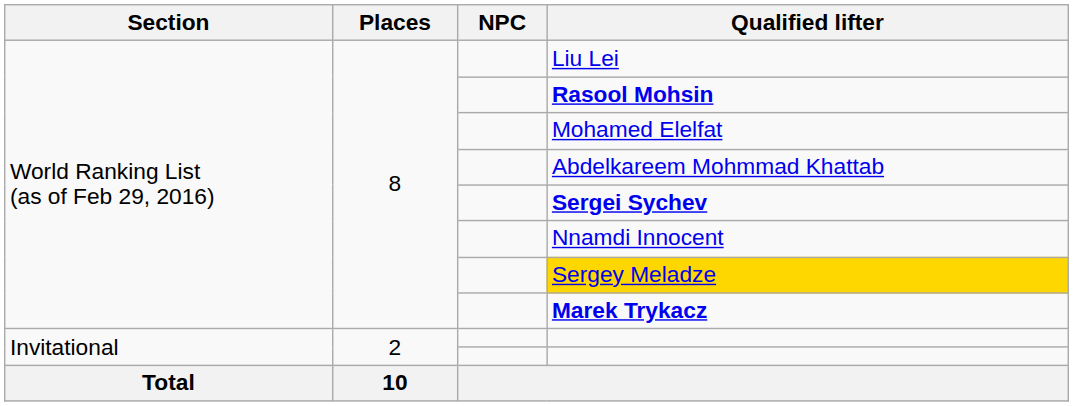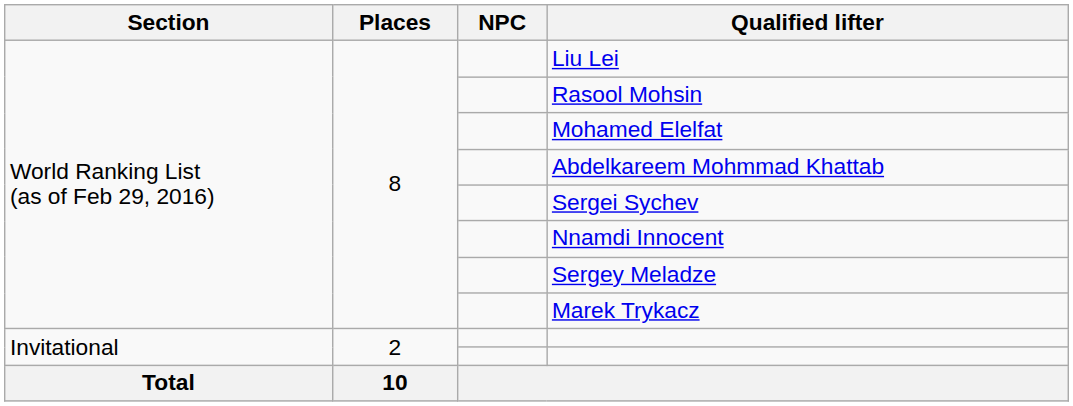 <table class="wikitable"  width=750>
 <tr>
 <th>Section</th>
 <th>Places</th>
 <th>NPC</th>
 <th>Qualified lifter</th>
 </tr>
 <tr>
 <td rowspan=8>World Ranking List<br>(as of Feb 29, 2016)</td>
 <td rowspan=8 align=center>8</td>
 <td></td>
 <td><a href='#'>Liu Lei</a></td>
 </tr>
 <tr>
 <td></td>
-<td><strong><a href='#'>Rasool Mohsin</a></strong></td>
+<td><a href='#'>Rasool Mohsin</a></td>
 </tr>
 <tr>
 <td></td>
 <td><a href='#'>Mohamed Elelfat</a></td>
 </tr>
 <tr>
 <td></td>
 <td><a href='#'>Abdelkareem Mohmmad Khattab</a></td>
 </tr>
 <tr>
 <td></td>
-<td><strong><a href='#'>Sergei Sychev</a></strong></td>
+<td><a href='#'>Sergei Sychev</a></td>
 </tr>
 <tr>
 <td></td>
 <td><a href='#'>Nnamdi Innocent</a></td>
 </tr>
 <tr>
 <td></td>
-<td style="background: gold;"><a href='#'>Sergey Meladze</a></td>
+<td><a href='#'>Sergey Meladze</a></td>
 </tr>
 <tr>
 <td></td>
-<td><strong><a href='#'>Marek Trykacz</a></strong></td>
+<td><a href='#'>Marek Trykacz</a></td>
 </tr>
 <tr>
 <td rowspan=2>Invitational</td>
 <td rowspan="2" align=center>2</td>
 <td></td>
 <td></td>
 </tr>
 <tr>
 <td></td>
 <td></td>
 </tr>
 <tr>
 <th>Total</th>
 <th>10</th>
 <th colspan=2></th>
 </tr>
 </table>
